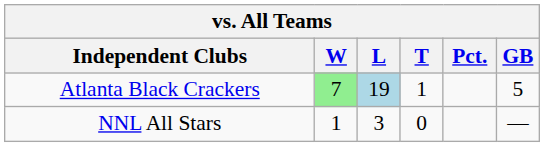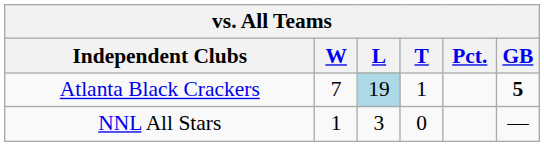 <table class="wikitable" width="400em" style="text-align:center;">
 <tr>
 <th colspan="6">vs. All Teams</th>
 </tr>
 <tr>
 <th width="58%">Independent Clubs</th>
 <th width="8%"><a href='#'>W</a></th>
 <th width="8%"><a href='#'>L</a></th>
 <th width="8%"><a href='#'>T</a></th>
 <th width="10%"><a href='#'>Pct.</a></th>
 <th width="8%"><a href='#'>GB</a></th>
 </tr>
 <tr>
 <td><a href='#'>Atlanta Black Crackers</a></td>
-<td style="background: lightgreen;">7</td>
+<td>7</td>
 <td style="background: lightblue;">19</td>
 <td>1</td>
 <td></td>
-<td>5</td>
+<td><strong>5</strong></td>
 </tr>
 <tr>
 <td><a href='#'>NNL</a> All Stars</td>
 <td>1</td>
 <td>3</td>
 <td>0</td>
 <td></td>
 <td>—</td>
 </tr>
 </table>
